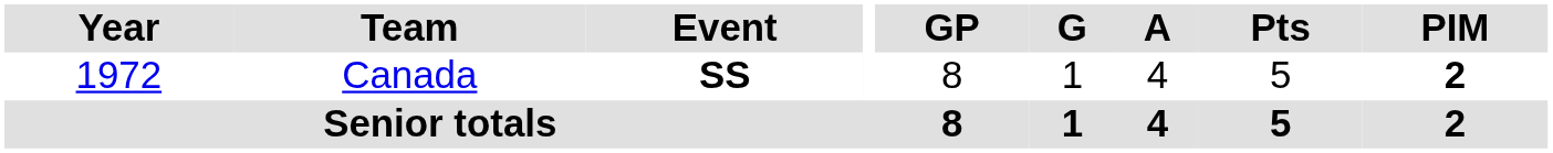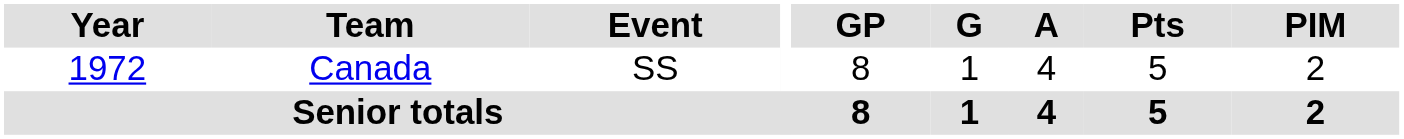 <table border="0" cellpadding="1" cellspacing="0" ID="Table3" style="text-align:center; width:40em">
 <tr bgcolor="#e0e0e0">
 <th>Year</th>
 <th>Team</th>
 <th>Event</th>
 <th rowspan="102" bgcolor="#ffffff"></th>
 <th>GP</th>
 <th>G</th>
 <th>A</th>
 <th>Pts</th>
 <th>PIM</th>
 </tr>
 <tr>
 <td><a href='#'>1972</a></td>
 <td><a href='#'>Canada</a></td>
-<td><strong>SS</strong></td>
+<td>SS</td>
 <td>8</td>
 <td>1</td>
 <td>4</td>
 <td>5</td>
-<td><strong>2</strong></td>
+<td>2</td>
 </tr>
 <tr bgcolor="#e0e0e0">
 <th colspan="4">Senior totals</th>
 <th>8</th>
 <th>1</th>
 <th>4</th>
 <th>5</th>
 <th>2</th>
 </tr>
 </table>
